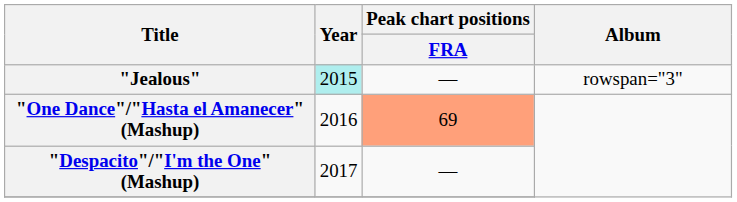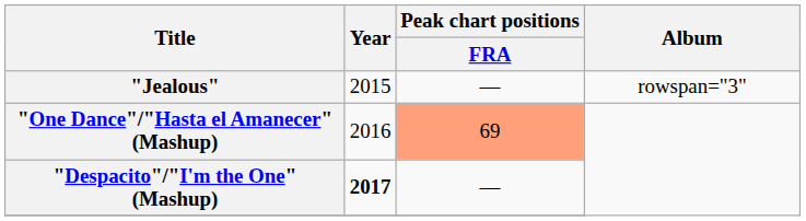 <table class="wikitable plainrowheaders" style="text-align:center">
 <tr>
 <th scope="col" rowspan="2" style="width:16em;">Title</th>
 <th scope="col" rowspan="2" style="width:1em;">Year</th>
 <th scope="col">Peak chart positions</th>
 <th scope="col" rowspan="2" style="width:10em;">Album</th>
 </tr>
 <tr>
 <th scope="col" style="width:2.5;font-size:90;"><a href='#'>FRA</a></th>
 </tr>
 <tr>
 <th scope="row">"Jealous"</th>
-<td style="background: paleturquoise;">2015</td>
+<td>2015</td>
 <td>—</td>
 <td>rowspan="3" </td>
 </tr>
 <tr>
 <th scope="row">"<a href='#'>One Dance</a>"/"<a href='#'>Hasta el Amanecer</a>" (Mashup)</th>
 <td>2016</td>
 <td style="background: lightsalmon;">69</td>
 </tr>
 <tr>
 <th scope="row">"<a href='#'>Despacito</a>"/"<a href='#'>I'm the One</a>" (Mashup)</th>
-<td>2017</td>
+<td><strong>2017</strong></td>
 <td>—</td>
 </tr>
 <tr>
 </tr>
 </table>
